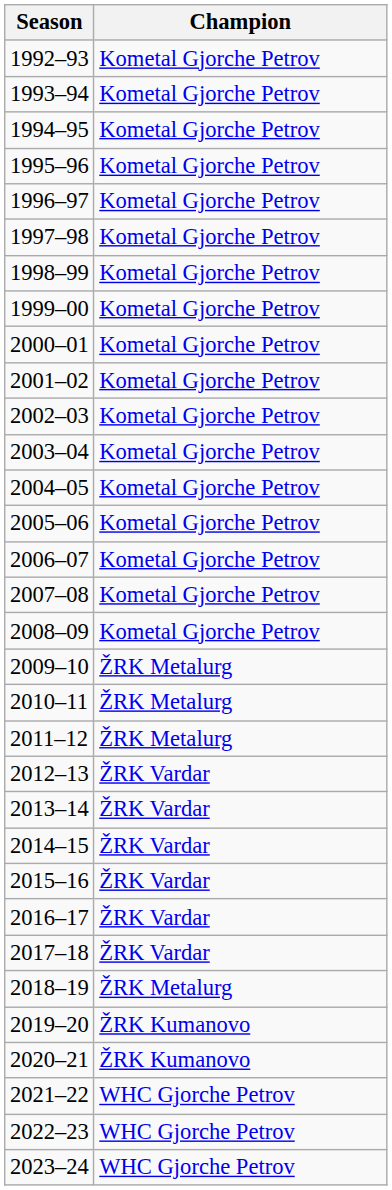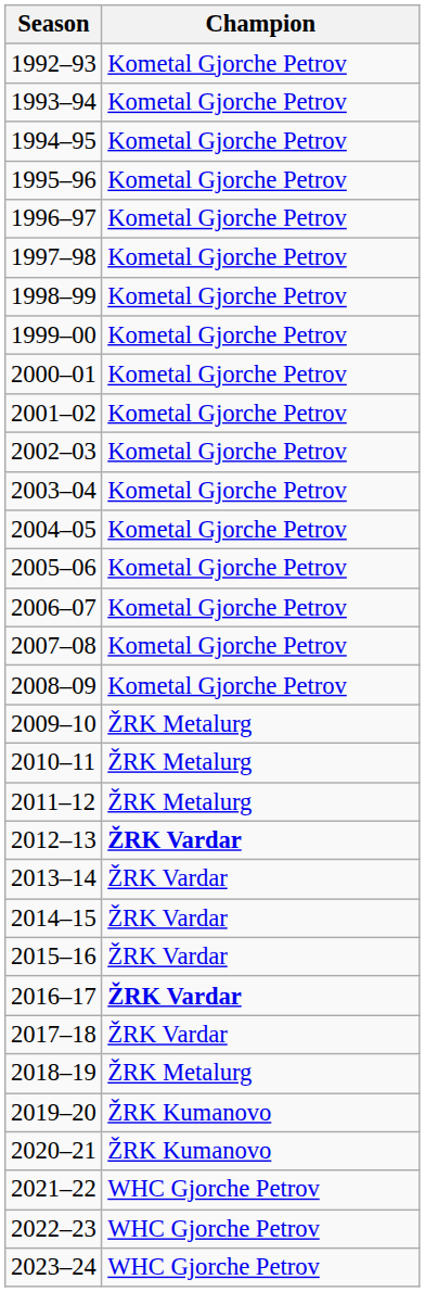 <table class="sortable wikitable">
 <tr>
 <th>Season</th>
 <th width=200>Champion</th>
 </tr>
 <tr>
 <td>1992–93</td>
 <td><a href='#'>Kometal Gjorche Petrov</a></td>
 </tr>
 <tr>
 <td>1993–94</td>
 <td><a href='#'>Kometal Gjorche Petrov</a></td>
 </tr>
 <tr>
 <td>1994–95</td>
 <td><a href='#'>Kometal Gjorche Petrov</a></td>
 </tr>
 <tr>
 <td>1995–96</td>
 <td><a href='#'>Kometal Gjorche Petrov</a></td>
 </tr>
 <tr>
 <td>1996–97</td>
 <td><a href='#'>Kometal Gjorche Petrov</a></td>
 </tr>
 <tr>
 <td>1997–98</td>
 <td><a href='#'>Kometal Gjorche Petrov</a></td>
 </tr>
 <tr>
 <td>1998–99</td>
 <td><a href='#'>Kometal Gjorche Petrov</a></td>
 </tr>
 <tr>
 <td>1999–00</td>
 <td><a href='#'>Kometal Gjorche Petrov</a></td>
 </tr>
 <tr>
 <td>2000–01</td>
 <td><a href='#'>Kometal Gjorche Petrov</a></td>
 </tr>
 <tr>
 <td>2001–02</td>
 <td><a href='#'>Kometal Gjorche Petrov</a></td>
 </tr>
 <tr>
 <td>2002–03</td>
 <td><a href='#'>Kometal Gjorche Petrov</a></td>
 </tr>
 <tr>
 <td>2003–04</td>
 <td><a href='#'>Kometal Gjorche Petrov</a></td>
 </tr>
 <tr>
 <td>2004–05</td>
 <td><a href='#'>Kometal Gjorche Petrov</a></td>
 </tr>
 <tr>
 <td>2005–06</td>
 <td><a href='#'>Kometal Gjorche Petrov</a></td>
 </tr>
 <tr>
 <td>2006–07</td>
 <td><a href='#'>Kometal Gjorche Petrov</a></td>
 </tr>
 <tr>
 <td>2007–08</td>
 <td><a href='#'>Kometal Gjorche Petrov</a></td>
 </tr>
 <tr>
 <td>2008–09</td>
 <td><a href='#'>Kometal Gjorche Petrov</a></td>
 </tr>
 <tr>
 <td>2009–10</td>
 <td><a href='#'>ŽRK Metalurg</a></td>
 </tr>
 <tr>
 <td>2010–11</td>
 <td><a href='#'>ŽRK Metalurg</a></td>
 </tr>
 <tr>
 <td>2011–12</td>
 <td><a href='#'>ŽRK Metalurg</a></td>
 </tr>
 <tr>
 <td>2012–13</td>
-<td><a href='#'>ŽRK Vardar</a></td>
+<td><strong><a href='#'>ŽRK Vardar</a></strong></td>
 </tr>
 <tr>
 <td>2013–14</td>
 <td><a href='#'>ŽRK Vardar</a></td>
 </tr>
 <tr>
 <td>2014–15</td>
 <td><a href='#'>ŽRK Vardar</a></td>
 </tr>
 <tr>
 <td>2015–16</td>
 <td><a href='#'>ŽRK Vardar</a></td>
 </tr>
 <tr>
 <td>2016–17</td>
-<td><a href='#'>ŽRK Vardar</a></td>
+<td><strong><a href='#'>ŽRK Vardar</a></strong></td>
 </tr>
 <tr>
 <td>2017–18</td>
 <td><a href='#'>ŽRK Vardar</a></td>
 </tr>
 <tr>
 <td>2018–19</td>
 <td><a href='#'>ŽRK Metalurg</a></td>
 </tr>
 <tr>
 <td>2019–20</td>
 <td><a href='#'>ŽRK Kumanovo</a></td>
 </tr>
 <tr>
 <td>2020–21</td>
 <td><a href='#'>ŽRK Kumanovo</a></td>
 </tr>
 <tr>
 <td>2021–22</td>
 <td><a href='#'>WHC Gjorche Petrov</a></td>
 </tr>
 <tr>
 <td>2022–23</td>
 <td><a href='#'>WHC Gjorche Petrov</a></td>
 </tr>
 <tr>
 <td>2023–24</td>
 <td><a href='#'>WHC Gjorche Petrov</a></td>
 </tr>
 </table>
